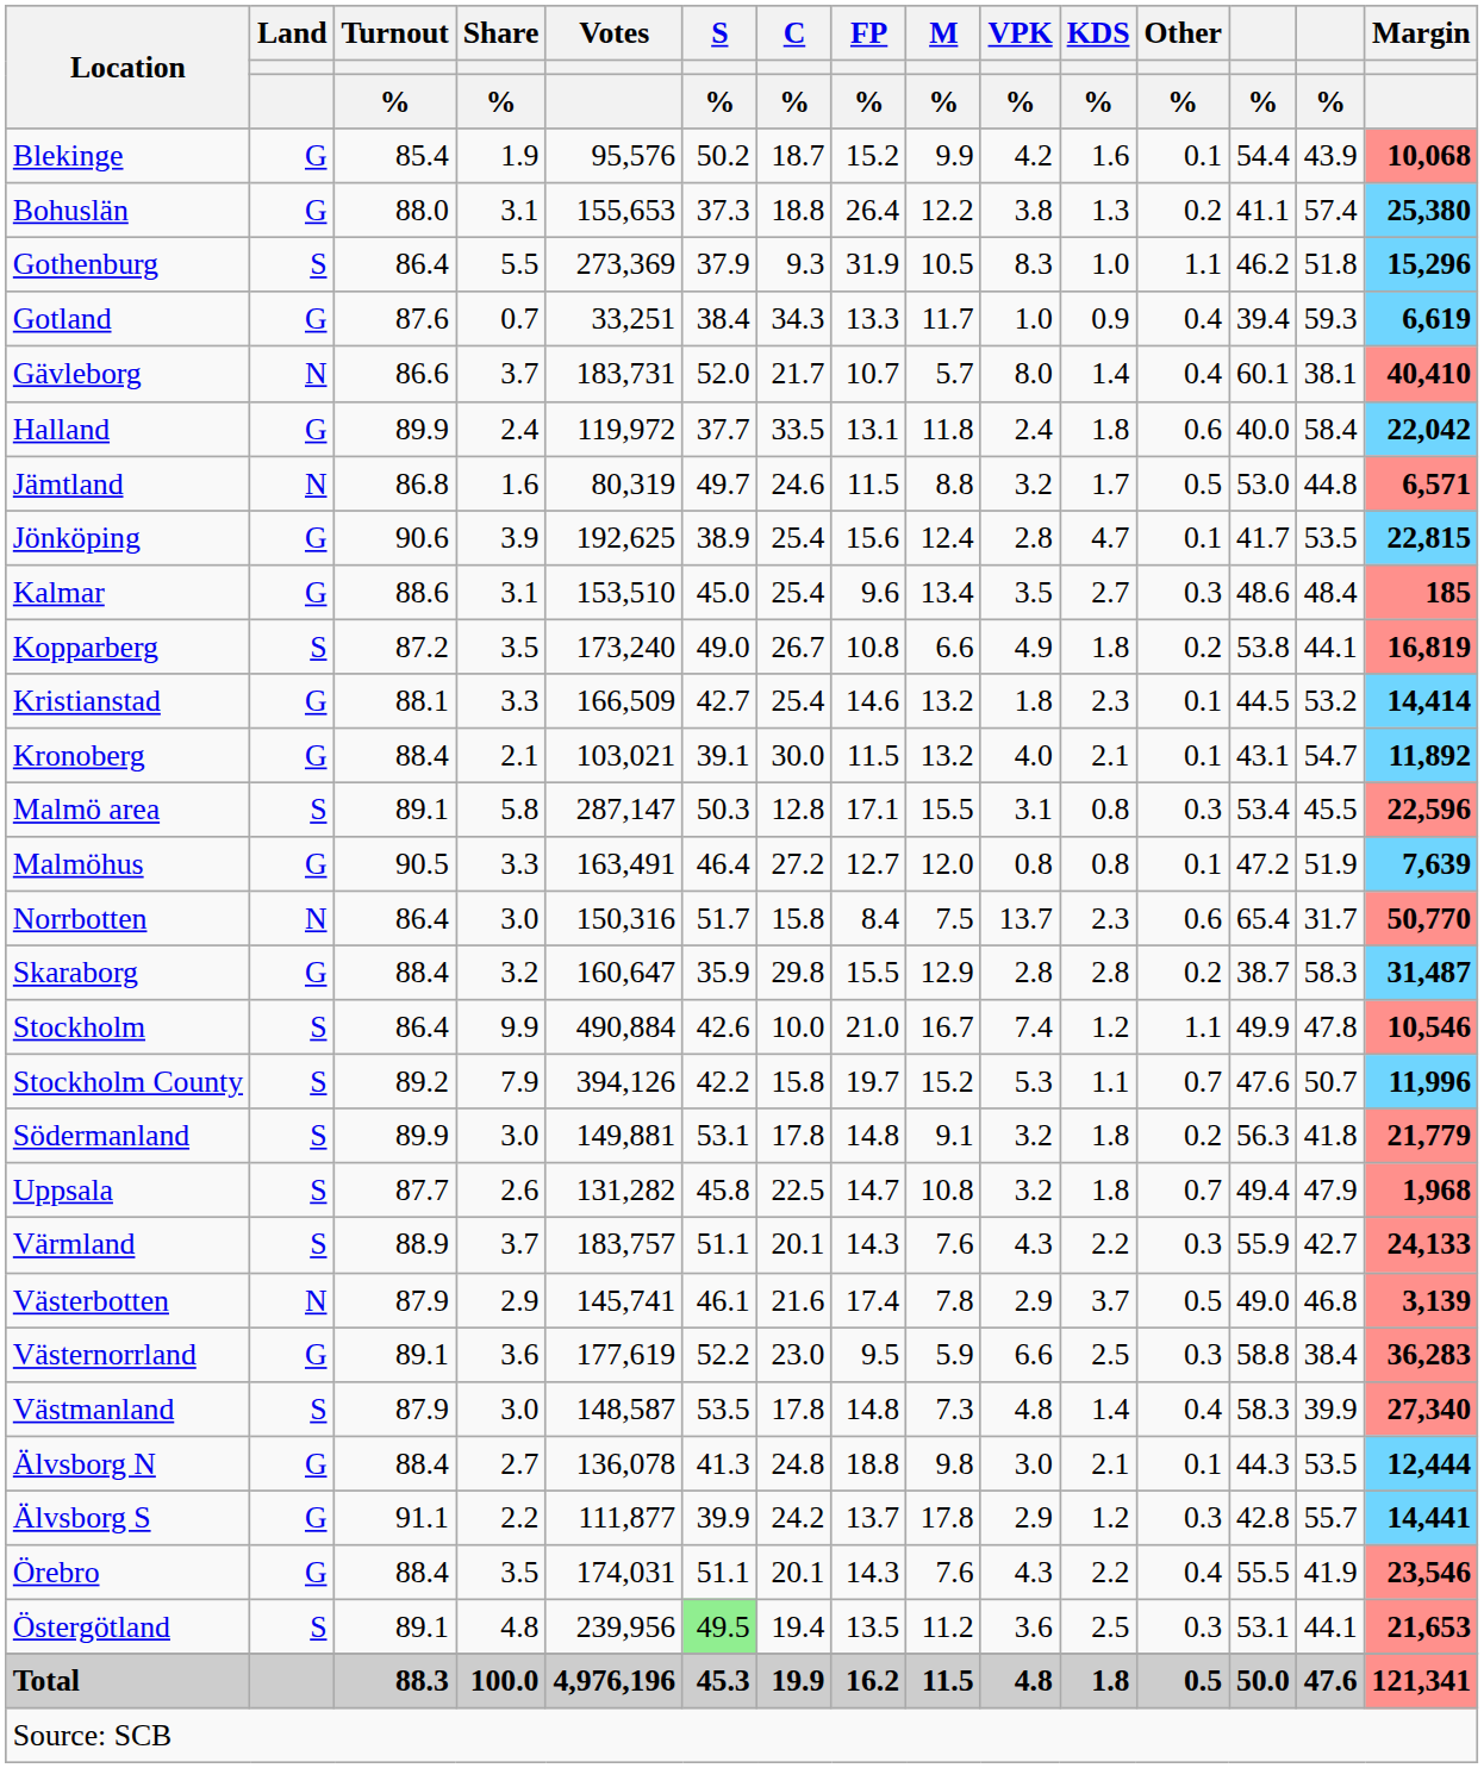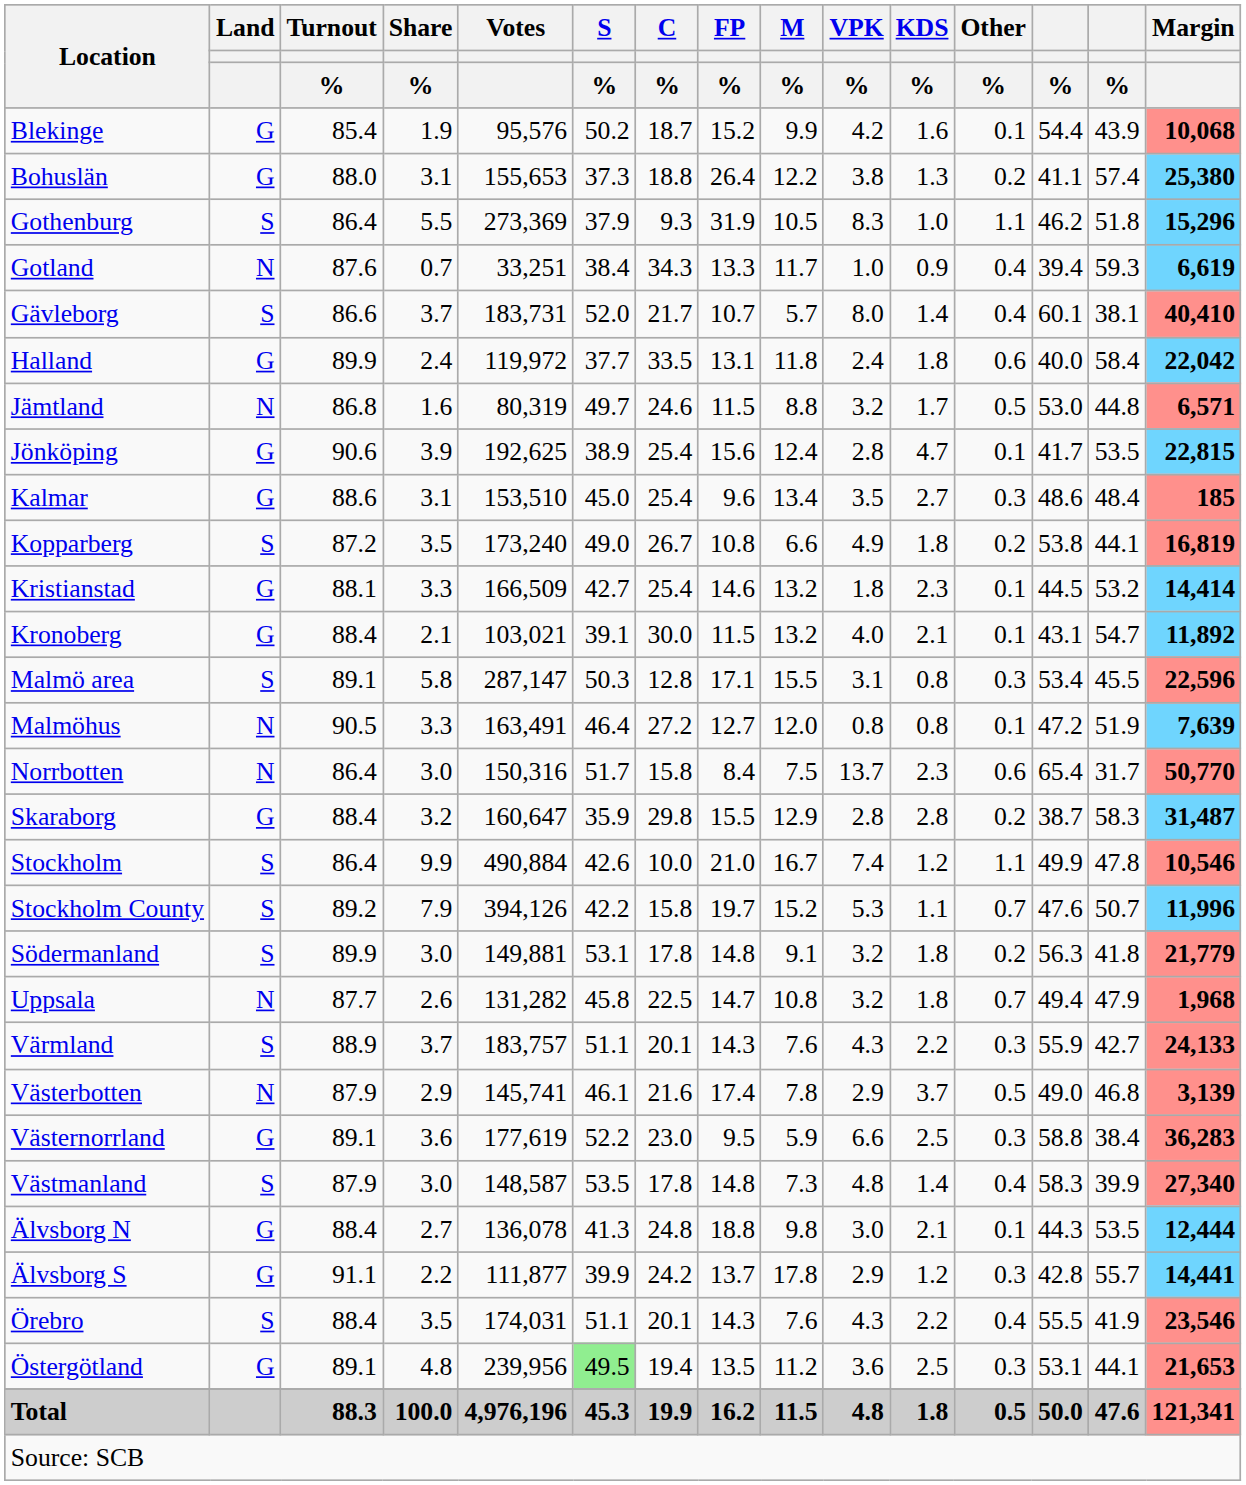 <table class="wikitable sortable" style="text-align:right; font-size:95%; line-height:20px;">
 <tr>
 <th rowspan="3">Location</th>
 <th>Land</th>
 <th>Turnout</th>
 <th>Share</th>
 <th>Votes</th>
 <th width="30px" class="unsortable"><a href='#'>S</a></th>
 <th width="30px" class="unsortable"><a href='#'>C</a></th>
 <th width="30px" class="unsortable"><a href='#'>FP</a></th>
 <th width="30px" class="unsortable"><a href='#'>M</a></th>
 <th width="30px" class="unsortable"><a href='#'>VPK</a></th>
 <th width="30px" class="unsortable"><a href='#'>KDS</a></th>
 <th width="30px" class="unsortable">Other</th>
 <th></th>
 <th></th>
 <th>Margin</th>
 </tr>
 <tr>
 <th></th>
 <th></th>
 <th></th>
 <th></th>
 <th style="background:"></th>
 <th style="background:"></th>
 <th style="background:"></th>
 <th style="background:"></th>
 <th style="background:"></th>
 <th style="background:"></th>
 <th style="background:"></th>
 <th style="background:"></th>
 <th style="background:"></th>
 <th></th>
 </tr>
 <tr>
 <th></th>
 <th data-sort-type="number">%</th>
 <th data-sort-type="number">%</th>
 <th></th>
 <th data-sort-type="number">%</th>
 <th data-sort-type="number">%</th>
 <th data-sort-type="number">%</th>
 <th data-sort-type="number">%</th>
 <th data-sort-type="number">%</th>
 <th data-sort-type="number">%</th>
 <th data-sort-type="number">%</th>
 <th data-sort-type="number">%</th>
 <th data-sort-type="number">%</th>
 <th></th>
 </tr>
 <tr>
 <td align=left><a href='#'>Blekinge</a></td>
 <td><a href='#'>G</a></td>
 <td>85.4</td>
 <td>1.9</td>
 <td>95,576</td>
 <td>50.2</td>
 <td>18.7</td>
 <td>15.2</td>
 <td>9.9</td>
 <td>4.2</td>
 <td>1.6</td>
 <td>0.1</td>
 <td>54.4</td>
 <td>43.9</td>
 <td bgcolor=#ff908c><strong>10,068</strong></td>
 </tr>
 <tr>
 <td align=left><a href='#'>Bohuslän</a></td>
 <td><a href='#'>G</a></td>
 <td>88.0</td>
 <td>3.1</td>
 <td>155,653</td>
 <td>37.3</td>
 <td>18.8</td>
 <td>26.4</td>
 <td>12.2</td>
 <td>3.8</td>
 <td>1.3</td>
 <td>0.2</td>
 <td>41.1</td>
 <td>57.4</td>
 <td bgcolor=#6fd5fe><strong>25,380</strong></td>
 </tr>
 <tr>
 <td align=left><a href='#'>Gothenburg</a></td>
 <td><a href='#'>S</a></td>
 <td>86.4</td>
 <td>5.5</td>
 <td>273,369</td>
 <td>37.9</td>
 <td>9.3</td>
 <td>31.9</td>
 <td>10.5</td>
 <td>8.3</td>
 <td>1.0</td>
 <td>1.1</td>
 <td>46.2</td>
 <td>51.8</td>
 <td bgcolor=#6fd5fe><strong>15,296</strong></td>
 </tr>
 <tr>
 <td align=left><a href='#'>Gotland</a></td>
-<td><a href='#'>G</a></td>
+<td><a href='#'>N</a></td>
 <td>87.6</td>
 <td>0.7</td>
 <td>33,251</td>
 <td>38.4</td>
 <td>34.3</td>
 <td>13.3</td>
 <td>11.7</td>
 <td>1.0</td>
 <td>0.9</td>
 <td>0.4</td>
 <td>39.4</td>
 <td>59.3</td>
 <td bgcolor=#6fd5fe><strong>6,619</strong></td>
 </tr>
 <tr>
 <td align=left><a href='#'>Gävleborg</a></td>
-<td><a href='#'>N</a></td>
+<td><a href='#'>S</a></td>
 <td>86.6</td>
 <td>3.7</td>
 <td>183,731</td>
 <td>52.0</td>
 <td>21.7</td>
 <td>10.7</td>
 <td>5.7</td>
 <td>8.0</td>
 <td>1.4</td>
 <td>0.4</td>
 <td>60.1</td>
 <td>38.1</td>
 <td bgcolor=#ff908c><strong>40,410</strong></td>
 </tr>
 <tr>
 <td align=left><a href='#'>Halland</a></td>
 <td><a href='#'>G</a></td>
 <td>89.9</td>
 <td>2.4</td>
 <td>119,972</td>
 <td>37.7</td>
 <td>33.5</td>
 <td>13.1</td>
 <td>11.8</td>
 <td>2.4</td>
 <td>1.8</td>
 <td>0.6</td>
 <td>40.0</td>
 <td>58.4</td>
 <td bgcolor=#6fd5fe><strong>22,042</strong></td>
 </tr>
 <tr>
 <td align=left><a href='#'>Jämtland</a></td>
 <td><a href='#'>N</a></td>
 <td>86.8</td>
 <td>1.6</td>
 <td>80,319</td>
 <td>49.7</td>
 <td>24.6</td>
 <td>11.5</td>
 <td>8.8</td>
 <td>3.2</td>
 <td>1.7</td>
 <td>0.5</td>
 <td>53.0</td>
 <td>44.8</td>
 <td bgcolor=#ff908c><strong>6,571</strong></td>
 </tr>
 <tr>
 <td align=left><a href='#'>Jönköping</a></td>
 <td><a href='#'>G</a></td>
 <td>90.6</td>
 <td>3.9</td>
 <td>192,625</td>
 <td>38.9</td>
 <td>25.4</td>
 <td>15.6</td>
 <td>12.4</td>
 <td>2.8</td>
 <td>4.7</td>
 <td>0.1</td>
 <td>41.7</td>
 <td>53.5</td>
 <td bgcolor=#6fd5fe><strong>22,815</strong></td>
 </tr>
 <tr>
 <td align=left><a href='#'>Kalmar</a></td>
 <td><a href='#'>G</a></td>
 <td>88.6</td>
 <td>3.1</td>
 <td>153,510</td>
 <td>45.0</td>
 <td>25.4</td>
 <td>9.6</td>
 <td>13.4</td>
 <td>3.5</td>
 <td>2.7</td>
 <td>0.3</td>
 <td>48.6</td>
 <td>48.4</td>
 <td bgcolor=#ff908c><strong>185</strong></td>
 </tr>
 <tr>
 <td align=left><a href='#'>Kopparberg</a></td>
 <td><a href='#'>S</a></td>
 <td>87.2</td>
 <td>3.5</td>
 <td>173,240</td>
 <td>49.0</td>
 <td>26.7</td>
 <td>10.8</td>
 <td>6.6</td>
 <td>4.9</td>
 <td>1.8</td>
 <td>0.2</td>
 <td>53.8</td>
 <td>44.1</td>
 <td bgcolor=#ff908c><strong>16,819</strong></td>
 </tr>
 <tr>
 <td align=left><a href='#'>Kristianstad</a></td>
 <td><a href='#'>G</a></td>
 <td>88.1</td>
 <td>3.3</td>
 <td>166,509</td>
 <td>42.7</td>
 <td>25.4</td>
 <td>14.6</td>
 <td>13.2</td>
 <td>1.8</td>
 <td>2.3</td>
 <td>0.1</td>
 <td>44.5</td>
 <td>53.2</td>
 <td bgcolor=#6fd5fe><strong>14,414</strong></td>
 </tr>
 <tr>
 <td align=left><a href='#'>Kronoberg</a></td>
 <td><a href='#'>G</a></td>
 <td>88.4</td>
 <td>2.1</td>
 <td>103,021</td>
 <td>39.1</td>
 <td>30.0</td>
 <td>11.5</td>
 <td>13.2</td>
 <td>4.0</td>
 <td>2.1</td>
 <td>0.1</td>
 <td>43.1</td>
 <td>54.7</td>
 <td bgcolor=#6fd5fe><strong>11,892</strong></td>
 </tr>
 <tr>
 <td align=left><a href='#'>Malmö area</a></td>
 <td><a href='#'>S</a></td>
 <td>89.1</td>
 <td>5.8</td>
 <td>287,147</td>
 <td>50.3</td>
 <td>12.8</td>
 <td>17.1</td>
 <td>15.5</td>
 <td>3.1</td>
 <td>0.8</td>
 <td>0.3</td>
 <td>53.4</td>
 <td>45.5</td>
 <td bgcolor=#ff908c><strong>22,596</strong></td>
 </tr>
 <tr>
 <td align=left><a href='#'>Malmöhus</a></td>
-<td><a href='#'>G</a></td>
+<td><a href='#'>N</a></td>
 <td>90.5</td>
 <td>3.3</td>
 <td>163,491</td>
 <td>46.4</td>
 <td>27.2</td>
 <td>12.7</td>
 <td>12.0</td>
 <td>0.8</td>
 <td>0.8</td>
 <td>0.1</td>
 <td>47.2</td>
 <td>51.9</td>
 <td bgcolor=#6fd5fe><strong>7,639</strong></td>
 </tr>
 <tr>
 <td align=left><a href='#'>Norrbotten</a></td>
 <td><a href='#'>N</a></td>
 <td>86.4</td>
 <td>3.0</td>
 <td>150,316</td>
 <td>51.7</td>
 <td>15.8</td>
 <td>8.4</td>
 <td>7.5</td>
 <td>13.7</td>
 <td>2.3</td>
 <td>0.6</td>
 <td>65.4</td>
 <td>31.7</td>
 <td bgcolor=#ff908c><strong>50,770</strong></td>
 </tr>
 <tr>
 <td align=left><a href='#'>Skaraborg</a></td>
 <td><a href='#'>G</a></td>
 <td>88.4</td>
 <td>3.2</td>
 <td>160,647</td>
 <td>35.9</td>
 <td>29.8</td>
 <td>15.5</td>
 <td>12.9</td>
 <td>2.8</td>
 <td>2.8</td>
 <td>0.2</td>
 <td>38.7</td>
 <td>58.3</td>
 <td bgcolor=#6fd5fe><strong>31,487</strong></td>
 </tr>
 <tr>
 <td align=left><a href='#'>Stockholm</a></td>
 <td><a href='#'>S</a></td>
 <td>86.4</td>
 <td>9.9</td>
 <td>490,884</td>
 <td>42.6</td>
 <td>10.0</td>
 <td>21.0</td>
 <td>16.7</td>
 <td>7.4</td>
 <td>1.2</td>
 <td>1.1</td>
 <td>49.9</td>
 <td>47.8</td>
 <td bgcolor=#ff908c><strong>10,546</strong></td>
 </tr>
 <tr>
 <td align=left><a href='#'>Stockholm County</a></td>
 <td><a href='#'>S</a></td>
 <td>89.2</td>
 <td>7.9</td>
 <td>394,126</td>
 <td>42.2</td>
 <td>15.8</td>
 <td>19.7</td>
 <td>15.2</td>
 <td>5.3</td>
 <td>1.1</td>
 <td>0.7</td>
 <td>47.6</td>
 <td>50.7</td>
 <td bgcolor=#6fd5fe><strong>11,996</strong></td>
 </tr>
 <tr>
 <td align=left><a href='#'>Södermanland</a></td>
 <td><a href='#'>S</a></td>
 <td>89.9</td>
 <td>3.0</td>
 <td>149,881</td>
 <td>53.1</td>
 <td>17.8</td>
 <td>14.8</td>
 <td>9.1</td>
 <td>3.2</td>
 <td>1.8</td>
 <td>0.2</td>
 <td>56.3</td>
 <td>41.8</td>
 <td bgcolor=#ff908c><strong>21,779</strong></td>
 </tr>
 <tr>
 <td align=left><a href='#'>Uppsala</a></td>
-<td><a href='#'>S</a></td>
+<td><a href='#'>N</a></td>
 <td>87.7</td>
 <td>2.6</td>
 <td>131,282</td>
 <td>45.8</td>
 <td>22.5</td>
 <td>14.7</td>
 <td>10.8</td>
 <td>3.2</td>
 <td>1.8</td>
 <td>0.7</td>
 <td>49.4</td>
 <td>47.9</td>
 <td bgcolor=#ff908c><strong>1,968</strong></td>
 </tr>
 <tr>
 <td align=left><a href='#'>Värmland</a></td>
 <td><a href='#'>S</a></td>
 <td>88.9</td>
 <td>3.7</td>
 <td>183,757</td>
 <td>51.1</td>
 <td>20.1</td>
 <td>14.3</td>
 <td>7.6</td>
 <td>4.3</td>
 <td>2.2</td>
 <td>0.3</td>
 <td>55.9</td>
 <td>42.7</td>
 <td bgcolor=#ff908c><strong>24,133</strong></td>
 </tr>
 <tr>
 <td align=left><a href='#'>Västerbotten</a></td>
 <td><a href='#'>N</a></td>
 <td>87.9</td>
 <td>2.9</td>
 <td>145,741</td>
 <td>46.1</td>
 <td>21.6</td>
 <td>17.4</td>
 <td>7.8</td>
 <td>2.9</td>
 <td>3.7</td>
 <td>0.5</td>
 <td>49.0</td>
 <td>46.8</td>
 <td bgcolor=#ff908c><strong>3,139</strong></td>
 </tr>
 <tr>
 <td align=left><a href='#'>Västernorrland</a></td>
 <td><a href='#'>G</a></td>
 <td>89.1</td>
 <td>3.6</td>
 <td>177,619</td>
 <td>52.2</td>
 <td>23.0</td>
 <td>9.5</td>
 <td>5.9</td>
 <td>6.6</td>
 <td>2.5</td>
 <td>0.3</td>
 <td>58.8</td>
 <td>38.4</td>
 <td bgcolor=#ff908c><strong>36,283</strong></td>
 </tr>
 <tr>
 <td align=left><a href='#'>Västmanland</a></td>
 <td><a href='#'>S</a></td>
 <td>87.9</td>
 <td>3.0</td>
 <td>148,587</td>
 <td>53.5</td>
 <td>17.8</td>
 <td>14.8</td>
 <td>7.3</td>
 <td>4.8</td>
 <td>1.4</td>
 <td>0.4</td>
 <td>58.3</td>
 <td>39.9</td>
 <td bgcolor=#ff908c><strong>27,340</strong></td>
 </tr>
 <tr>
 <td align=left><a href='#'>Älvsborg N</a></td>
 <td><a href='#'>G</a></td>
 <td>88.4</td>
 <td>2.7</td>
 <td>136,078</td>
 <td>41.3</td>
 <td>24.8</td>
 <td>18.8</td>
 <td>9.8</td>
 <td>3.0</td>
 <td>2.1</td>
 <td>0.1</td>
 <td>44.3</td>
 <td>53.5</td>
 <td bgcolor=#6fd5fe><strong>12,444</strong></td>
 </tr>
 <tr>
 <td align=left><a href='#'>Älvsborg S</a></td>
 <td><a href='#'>G</a></td>
 <td>91.1</td>
 <td>2.2</td>
 <td>111,877</td>
 <td>39.9</td>
 <td>24.2</td>
 <td>13.7</td>
 <td>17.8</td>
 <td>2.9</td>
 <td>1.2</td>
 <td>0.3</td>
 <td>42.8</td>
 <td>55.7</td>
 <td bgcolor=#6fd5fe><strong>14,441</strong></td>
 </tr>
 <tr>
 <td align=left><a href='#'>Örebro</a></td>
-<td><a href='#'>G</a></td>
+<td><a href='#'>S</a></td>
 <td>88.4</td>
 <td>3.5</td>
 <td>174,031</td>
 <td>51.1</td>
 <td>20.1</td>
 <td>14.3</td>
 <td>7.6</td>
 <td>4.3</td>
 <td>2.2</td>
 <td>0.4</td>
 <td>55.5</td>
 <td>41.9</td>
 <td bgcolor=#ff908c><strong>23,546</strong></td>
 </tr>
 <tr>
 <td align=left><a href='#'>Östergötland</a></td>
-<td><a href='#'>S</a></td>
+<td><a href='#'>G</a></td>
 <td>89.1</td>
 <td>4.8</td>
 <td>239,956</td>
 <td style="background: lightgreen;">49.5</td>
 <td>19.4</td>
 <td>13.5</td>
 <td>11.2</td>
 <td>3.6</td>
 <td>2.5</td>
 <td>0.3</td>
 <td>53.1</td>
 <td>44.1</td>
 <td bgcolor=#ff908c><strong>21,653</strong></td>
 </tr>
 <tr>
 </tr>
 <tr style="background:#CDCDCD;">
 <td align=left><strong>Total</strong></td>
 <td></td>
 <td><strong>88.3</strong></td>
 <td><strong>100.0</strong></td>
 <td><strong>4,976,196</strong></td>
 <td><strong>45.3</strong></td>
 <td><strong>19.9</strong></td>
 <td><strong>16.2</strong></td>
 <td><strong>11.5</strong></td>
 <td><strong>4.8</strong></td>
 <td><strong>1.8</strong></td>
 <td><strong>0.5</strong></td>
 <td><strong>50.0</strong></td>
 <td><strong>47.6</strong></td>
 <td bgcolor=#ff908c><strong>121,341</strong></td>
 </tr>
 <tr>
 <td align=left colspan=15>Source: SCB </td>
 </tr>
 </table>
